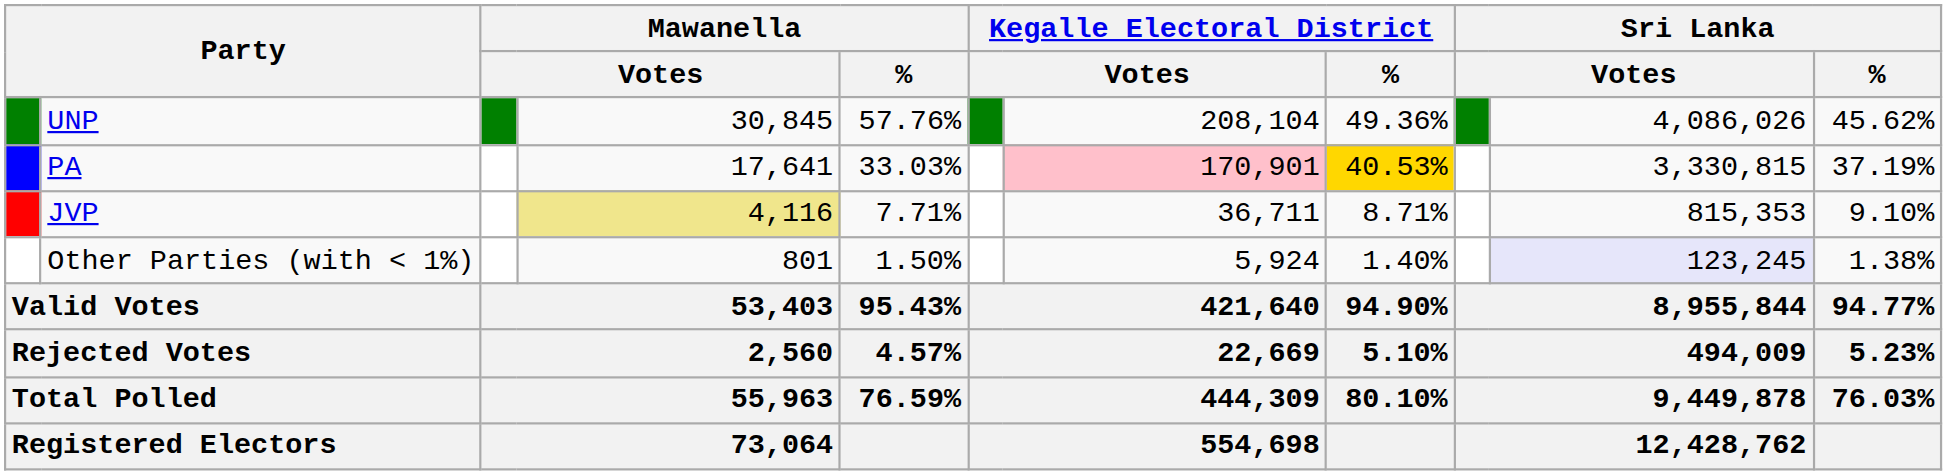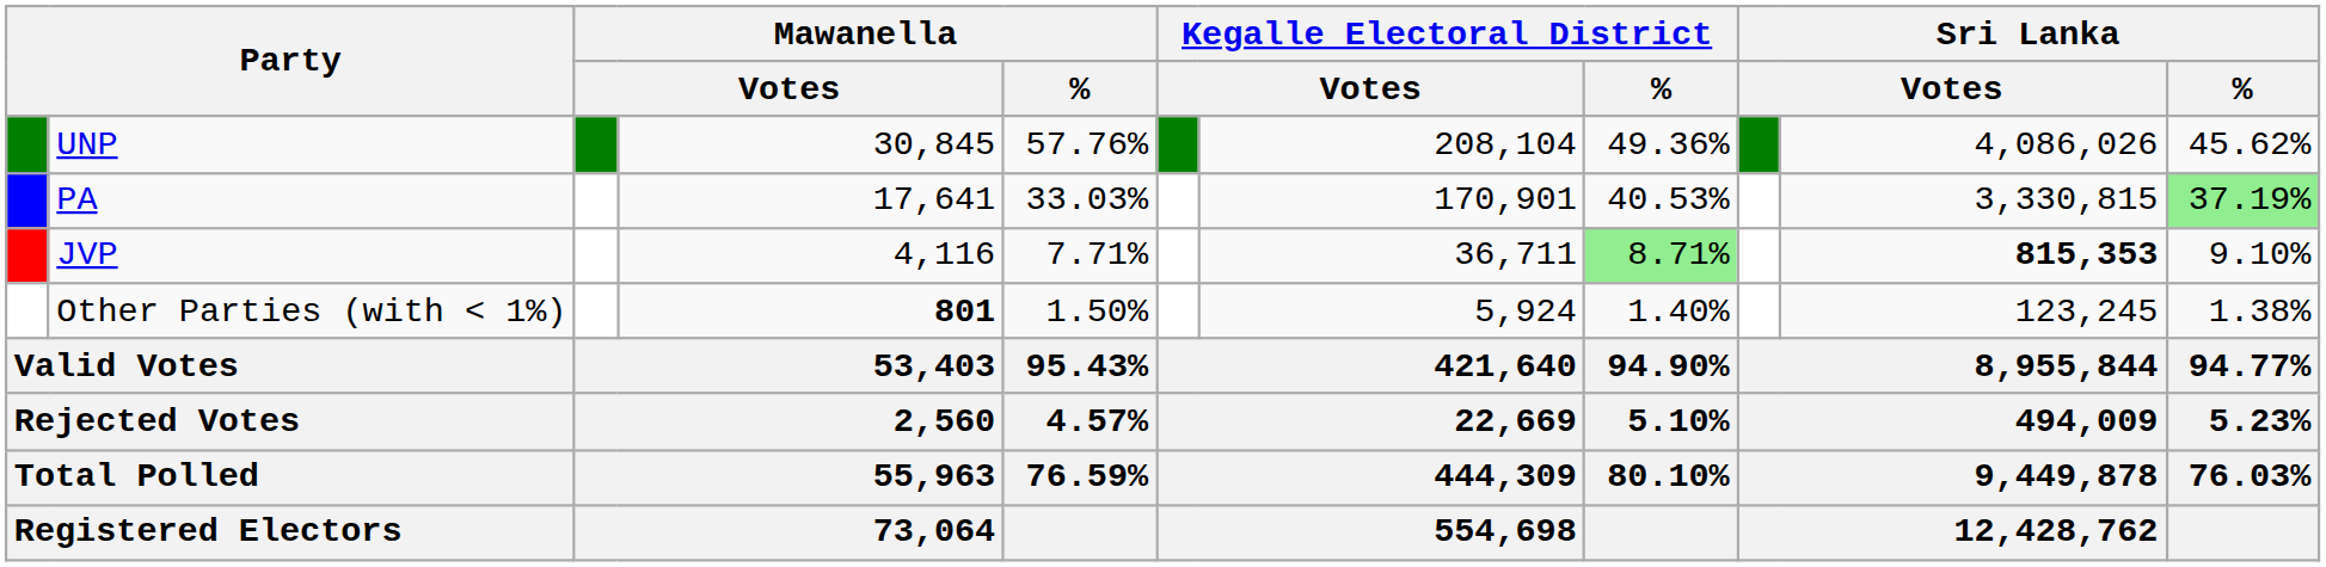 <table class="wikitable">
 <tr>
 <th colspan="2" width="144px"rowspan="2">Party</th>
 <th colspan="3" width="216px">Mawanella</th>
 <th colspan="3" width="216px"><a href='#'>Kegalle Electoral District</a></th>
 <th colspan="3" width="216px">Sri Lanka</th>
 </tr>
 <tr>
 <th colspan="2" width="144px">Votes</th>
 <th>%</th>
 <th colspan="2" width="144px">Votes</th>
 <th>%</th>
 <th colspan="2" width="144px">Votes</th>
 <th>%</th>
 </tr>
 <tr>
 <td style="background-color:green;" width="10px"></td>
 <td style="text-align:left;"><a href='#'>UNP</a></td>
 <td style="background-color:green;" width="10px"></td>
 <td style="text-align:right;">30,845</td>
 <td style="text-align:right;">57.76%</td>
 <td style="background-color:green;" width="10px"></td>
 <td style="text-align:right;">208,104</td>
 <td style="text-align:right;">49.36%</td>
 <td style="background-color:green;" width="10px"></td>
 <td style="text-align:right;">4,086,026</td>
 <td style="text-align:right;">45.62%</td>
 </tr>
 <tr>
 <td style="background-color:blue;" width="10px"></td>
 <td style="text-align:left;"><a href='#'>PA</a></td>
 <td style="background-color:white;" width="10px"></td>
 <td style="text-align:right;">17,641</td>
 <td style="text-align:right;">33.03%</td>
 <td style="background-color:white;" width="10px"></td>
-<td style="background: pink; text-align:right;">170,901</td>
-<td style="background: gold; text-align:right;">40.53%</td>
+<td style="text-align:right;">170,901</td>
+<td style="text-align:right;">40.53%</td>
 <td style="background-color:white;" width="10px"></td>
 <td style="text-align:right;">3,330,815</td>
-<td style="text-align:right;">37.19%</td>
+<td style="background: lightgreen; text-align:right;">37.19%</td>
 </tr>
 <tr>
 <td style="background-color:red;" width="10px"></td>
 <td style="text-align:left;"><a href='#'>JVP</a></td>
 <td style="background-color:white;" width="10px"></td>
-<td style="background: khaki; text-align:right;">4,116</td>
+<td style="text-align:right;">4,116</td>
 <td style="text-align:right;">7.71%</td>
 <td style="background-color:white;" width="10px"></td>
 <td style="text-align:right;">36,711</td>
-<td style="text-align:right;">8.71%</td>
+<td style="background: lightgreen; text-align:right;">8.71%</td>
 <td style="background-color:white;" width="10px"></td>
-<td style="text-align:right;">815,353</td>
+<td style="text-align:right;"><strong>815,353</strong></td>
 <td style="text-align:right;">9.10%</td>
 </tr>
 <tr>
 <td style="background-color:white;" width="10px"></td>
 <td style="text-align:left;">Other Parties (with < 1%)</td>
 <td style="background-color:white;" width="10px"></td>
-<td style="text-align:right;">801</td>
+<td style="text-align:right;"><strong>801</strong></td>
 <td style="text-align:right;">1.50%</td>
 <td style="background-color:white;" width="10px"></td>
 <td style="text-align:right;">5,924</td>
 <td style="text-align:right;">1.40%</td>
 <td style="background-color:white;" width="10px"></td>
-<td style="background: lavender; text-align:right;">123,245</td>
+<td style="text-align:right;">123,245</td>
 <td style="text-align:right;">1.38%</td>
 </tr>
 <tr>
 <th colspan="2" width="144px"style="text-align:left;">Valid Votes</th>
 <th style="text-align:right;"colspan="2" width="144px">53,403</th>
 <th style="text-align:right;">95.43%</th>
 <th style="text-align:right;"colspan="2" width="144px">421,640</th>
 <th style="text-align:right;">94.90%</th>
 <th style="text-align:right;"colspan="2" width="144px">8,955,844</th>
 <th style="text-align:right;">94.77%</th>
 </tr>
 <tr>
 <th colspan="2" width="144px"style="text-align:left;">Rejected Votes</th>
 <th style="text-align:right;"colspan="2" width="144px">2,560</th>
 <th style="text-align:right;">4.57%</th>
 <th style="text-align:right;"colspan="2" width="144px">22,669</th>
 <th style="text-align:right;">5.10%</th>
 <th style="text-align:right;"colspan="2" width="144px">494,009</th>
 <th style="text-align:right;">5.23%</th>
 </tr>
 <tr>
 <th colspan="2" width="144px"style="text-align:left;">Total Polled</th>
 <th style="text-align:right;"colspan="2" width="144px">55,963</th>
 <th style="text-align:right;">76.59%</th>
 <th style="text-align:right;"colspan="2" width="144px">444,309</th>
 <th style="text-align:right;">80.10%</th>
 <th style="text-align:right;"colspan="2" width="144px">9,449,878</th>
 <th style="text-align:right;">76.03%</th>
 </tr>
 <tr>
 <th colspan="2" width="144px"style="text-align:left;">Registered Electors</th>
 <th style="text-align:right;"colspan="2" width="144px">73,064</th>
 <th></th>
 <th style="text-align:right;"colspan="2" width="144px">554,698</th>
 <th></th>
 <th style="text-align:right;"colspan="2" width="144px">12,428,762</th>
 <th></th>
 </tr>
 </table>
